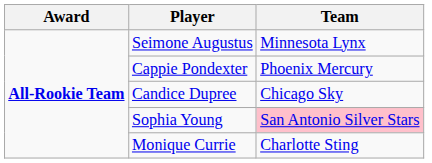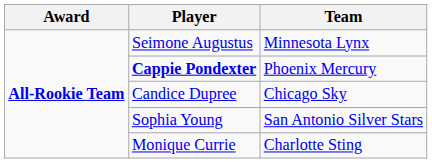 <table class="wikitable">
 <tr>
 <th colspan=2>Award</th>
 <th>Player</th>
 <th>Team</th>
 </tr>
 <tr>
 <td rowspan=5 colspan=2><a href='#'><strong>All-Rookie Team</strong></a></td>
 <td><a href='#'>Seimone Augustus</a></td>
 <td><a href='#'>Minnesota Lynx</a></td>
 </tr>
 <tr>
-<td><a href='#'>Cappie Pondexter</a></td>
+<td><strong><a href='#'>Cappie Pondexter</a></strong></td>
 <td><a href='#'>Phoenix Mercury</a></td>
 </tr>
 <tr>
 <td><a href='#'>Candice Dupree</a></td>
 <td><a href='#'>Chicago Sky</a></td>
 </tr>
 <tr>
 <td><a href='#'>Sophia Young</a></td>
-<td style="background: pink;"><a href='#'>San Antonio Silver Stars</a></td>
+<td><a href='#'>San Antonio Silver Stars</a></td>
 </tr>
 <tr>
 <td><a href='#'>Monique Currie</a></td>
 <td><a href='#'>Charlotte Sting</a></td>
 </tr>
 </table>
